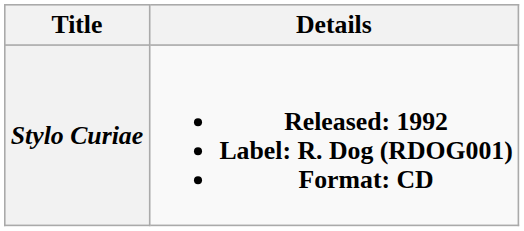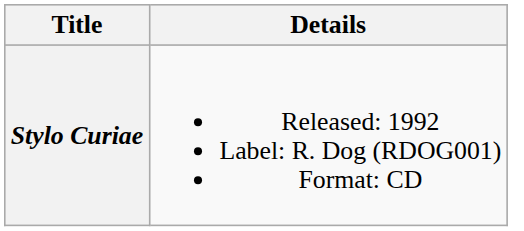 <table class="wikitable plainrowheaders" style="text-align:center;" border="1">
 <tr>
 <th>Title</th>
 <th>Details</th>
 </tr>
 <tr>
 <th scope="row"><em>Stylo Curiae</em></th>
-<td><strong><br><ul><li>Released: 1992</li><li>Label: R. Dog (RDOG001)</li><li>Format: CD</li></ul></strong></td>
+<td><br><ul><li>Released: 1992</li><li>Label: R. Dog (RDOG001)</li><li>Format: CD</li></ul></td>
 </tr>
 </table>
